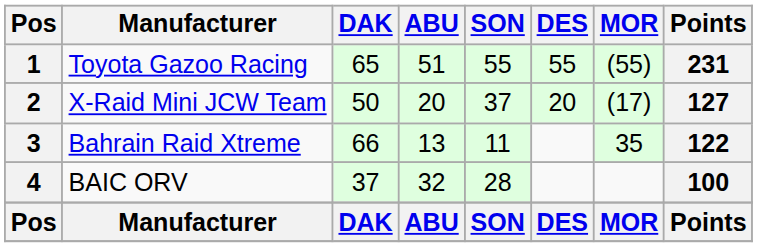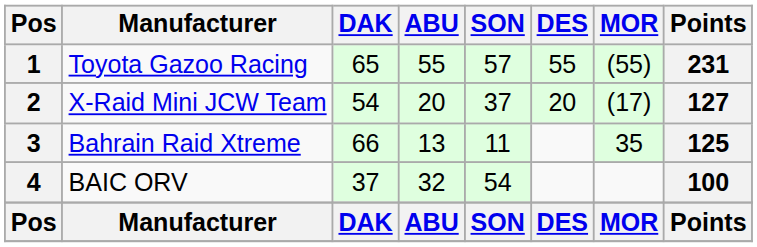 <table class="wikitable" style="font-size: 85%; text-align: center; display: inline-table;">
 <tr valign="top">
 <th valign="middle">Pos</th>
 <th valign="middle">Manufacturer</th>
 <th><a href='#'>DAK</a><br></th>
 <th><a href='#'>ABU</a><br></th>
 <th><a href='#'>SON</a><br></th>
 <th><a href='#'>DES</a><br></th>
 <th><a href='#'>MOR</a><br></th>
 <th valign="middle">Points</th>
 </tr>
 <tr>
 <th>1</th>
 <td align=left><a href='#'>Toyota Gazoo Racing</a></td>
 <td style="background:#dfffdf;">65</td>
-<td style="background:#dfffdf;">51</td>
 <td style="background:#dfffdf;">55</td>
+<td style="background:#dfffdf;">57</td>
 <td style="background:#dfffdf;">55</td>
 <td style="background:#dfffdf;">(55)</td>
 <th>231</th>
 </tr>
 <tr>
 <th>2</th>
 <td align=left><a href='#'>X-Raid Mini JCW Team</a></td>
-<td style="background:#dfffdf;">50</td>
+<td style="background:#dfffdf;">54</td>
 <td style="background:#dfffdf;">20</td>
 <td style="background:#dfffdf;">37</td>
 <td style="background:#dfffdf;">20</td>
 <td style="background:#dfffdf;">(17)</td>
 <th>127</th>
 </tr>
 <tr>
 <th>3</th>
 <td align=left><a href='#'>Bahrain Raid Xtreme</a></td>
 <td style="background:#dfffdf;">66</td>
 <td style="background:#dfffdf;">13</td>
 <td style="background:#dfffdf;">11</td>
 <td></td>
 <td style="background:#dfffdf;">35</td>
-<th>122</th>
+<th>125</th>
 </tr>
 <tr>
 <th>4</th>
 <td align=left>BAIC ORV</td>
 <td style="background:#dfffdf;">37</td>
 <td style="background:#dfffdf;">32</td>
-<td style="background:#dfffdf;">28</td>
+<td style="background:#dfffdf;">54</td>
 <td></td>
 <td></td>
 <th>100</th>
 </tr>
 <tr>
 </tr>
 <tr valign="top">
 <th valign="middle">Pos</th>
 <th valign="middle">Manufacturer</th>
 <th><a href='#'>DAK</a><br></th>
 <th><a href='#'>ABU</a><br></th>
 <th><a href='#'>SON</a><br></th>
 <th><a href='#'>DES</a><br></th>
 <th><a href='#'>MOR</a><br></th>
 <th valign="middle">Points</th>
 </tr>
 <tr>
 </tr>
 </table>
